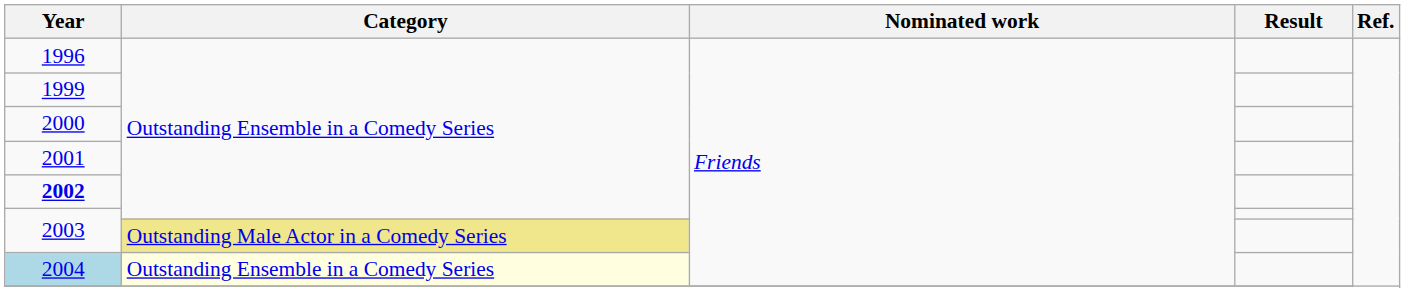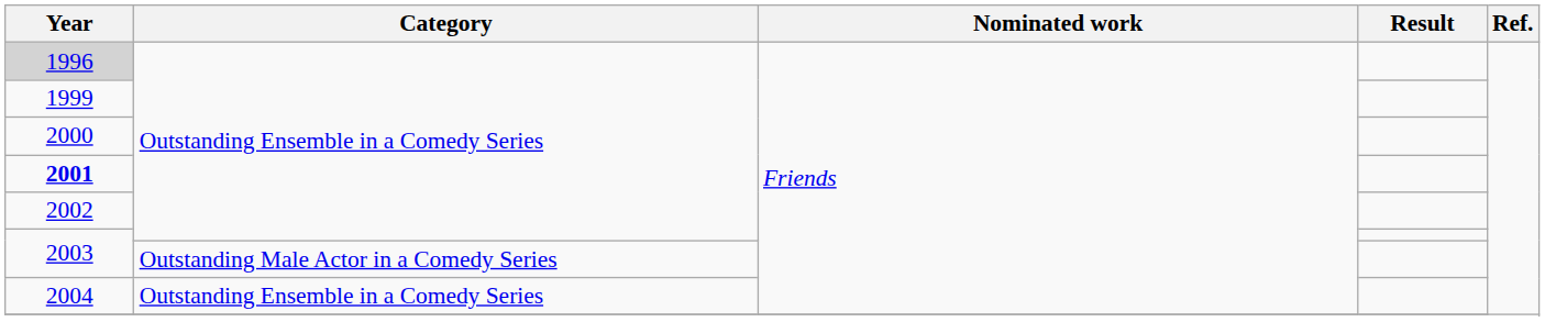 <table class=wikitable>
 <tr>
 <th scope="col" style="width:5em;">Year</th>
 <th scope="col" style="width:26em;">Category</th>
 <th scope="col" style="width:25em;">Nominated work</th>
 <th scope="col" style="width:5em;">Result</th>
 <th>Ref.</th>
 </tr>
 <tr>
-<td style="text-align:center;"><a href='#'>1996</a></td>
+<td style="background: lightgrey; text-align:center;"><a href='#'>1996</a></td>
 <td rowspan="6"><a href='#'>Outstanding Ensemble in a Comedy Series</a></td>
 <td rowspan="8"><em><a href='#'>Friends</a></em></td>
 <td></td>
 <td rowspan=10></td>
 </tr>
 <tr>
 <td style="text-align:center;"><a href='#'>1999</a></td>
 <td></td>
 </tr>
 <tr>
 <td style="text-align:center;"><a href='#'>2000</a></td>
 <td></td>
 </tr>
 <tr>
-<td style="text-align:center;"><a href='#'>2001</a></td>
+<td style="text-align:center;"><strong><a href='#'>2001</a></strong></td>
 <td></td>
 </tr>
 <tr>
-<td style="text-align:center;"><strong><a href='#'>2002</a></strong></td>
+<td style="text-align:center;"><a href='#'>2002</a></td>
 <td></td>
 </tr>
 <tr>
 <td style="text-align:center;", rowspan=2><a href='#'>2003</a></td>
 <td></td>
 </tr>
 <tr>
-<td style="background: khaki;"><a href='#'>Outstanding Male Actor in a Comedy Series</a></td>
+<td><a href='#'>Outstanding Male Actor in a Comedy Series</a></td>
 <td></td>
 </tr>
 <tr>
-<td style="background: lightblue; text-align:center;"><a href='#'>2004</a></td>
-<td style="background: lightyellow;"><a href='#'>Outstanding Ensemble in a Comedy Series</a></td>
+<td style="text-align:center;"><a href='#'>2004</a></td>
+<td><a href='#'>Outstanding Ensemble in a Comedy Series</a></td>
 <td></td>
 </tr>
 <tr>
 </tr>
 </table>
